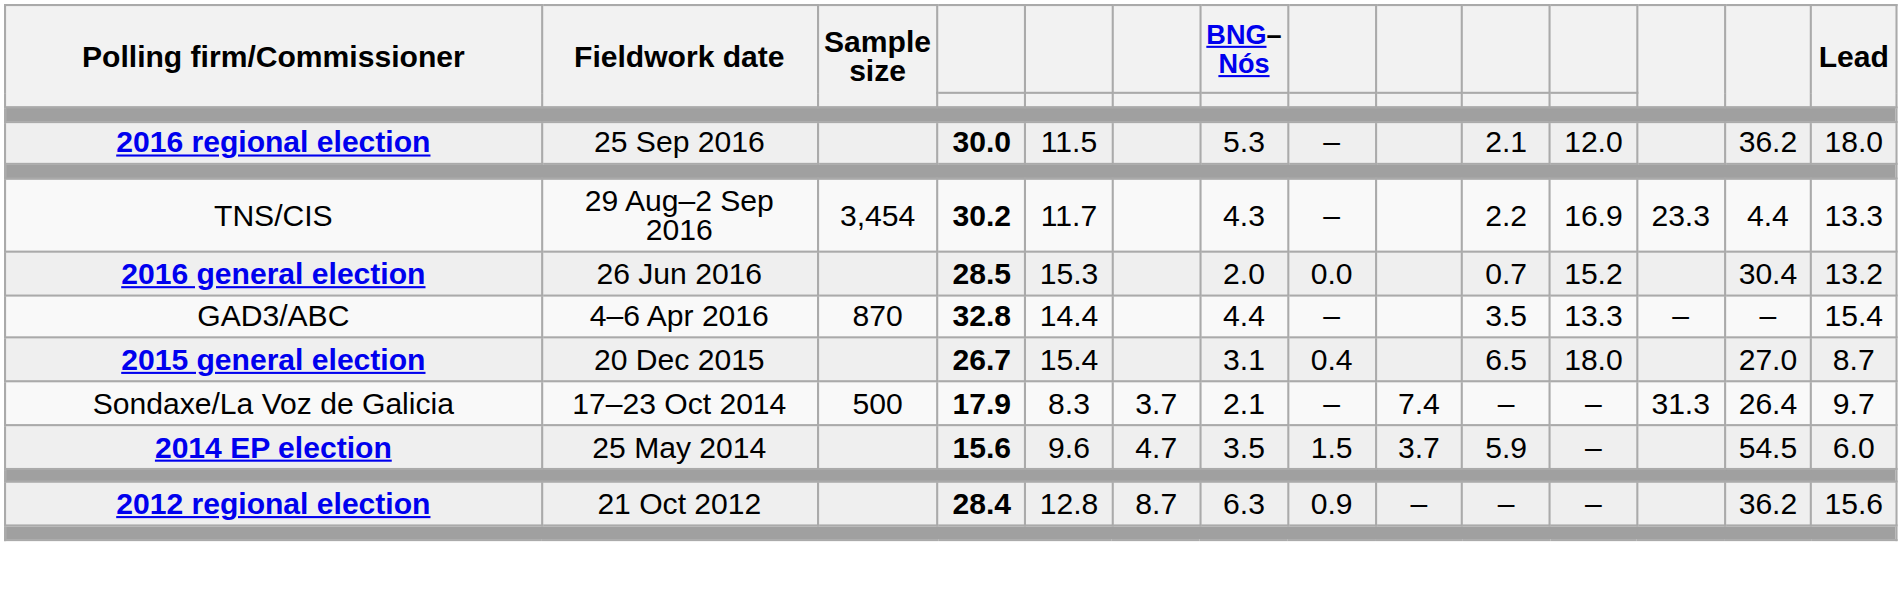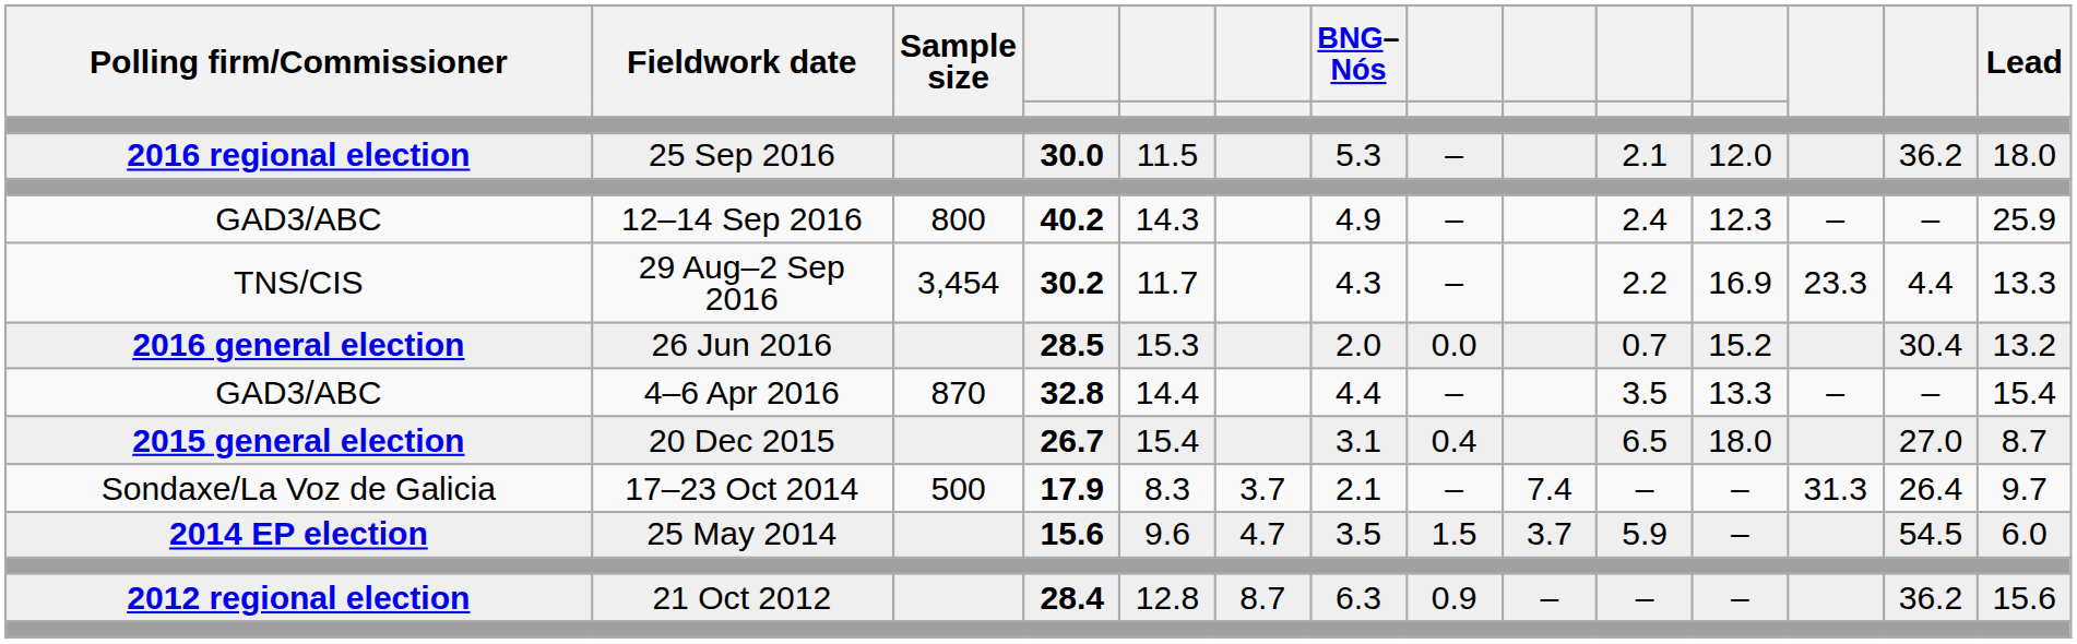 <table class="wikitable collapsible collapsed" style="text-align:center; font-size:90%; line-height:14px;">
 <tr style="height:42px;">
 <th style="width:250px;" rowspan="2">Polling firm/Commissioner</th>
 <th style="width:125px;" rowspan="2">Fieldwork date</th>
 <th style="width:50px;" rowspan="2">Sample size</th>
 <th style="width:35px;"></th>
 <th style="width:35px;"></th>
 <th style="width:35px;"></th>
 <th style="width:35px; font-size:90%;"><a href='#'>BNG</a>–<br><a href='#'>Nós</a></th>
 <th style="width:35px;"></th>
 <th style="width:35px;"></th>
 <th style="width:35px;"></th>
 <th style="width:35px;"></th>
 <th style="width:35px;" rowspan="2"></th>
 <th style="width:35px;" rowspan="2"></th>
 <th style="width:30px;" rowspan="2">Lead</th>
 </tr>
 <tr>
 <th style="color:inherit;background:"></th>
 <th style="color:inherit;background:"></th>
 <th style="color:inherit;background:"></th>
 <th style="color:inherit;background:"></th>
 <th style="color:inherit;background:"></th>
 <th style="color:inherit;background:"></th>
 <th style="color:inherit;background:"></th>
 <th style="color:inherit;background:"></th>
 </tr>
 <tr>
 <td colspan="14" style="background:#A0A0A0"></td>
 </tr>
 <tr style="background:#EFEFEF;">
 <td><strong><a href='#'>2016 regional election</a></strong></td>
 <td>25 Sep 2016</td>
 <td></td>
 <td><strong>30.0</strong></td>
 <td>11.5</td>
 <td></td>
 <td>5.3</td>
 <td>–</td>
 <td></td>
 <td>2.1</td>
 <td>12.0</td>
 <td></td>
 <td>36.2</td>
 <td style="background:">18.0</td>
 </tr>
 <tr>
 <td colspan="14" style="background:#A0A0A0"></td>
+</tr>
+<tr>
+<td>GAD3/ABC</td>
+<td>12–14 Sep 2016</td>
+<td>800</td>
+<td><strong>40.2</strong></td>
+<td>14.3</td>
+<td></td>
+<td>4.9</td>
+<td>–</td>
+<td></td>
+<td>2.4</td>
+<td>12.3</td>
+<td>–</td>
+<td>–</td>
+<td style="background:">25.9</td>
 </tr>
 <tr>
 <td>TNS/CIS</td>
 <td>29 Aug–2 Sep 2016</td>
 <td>3,454</td>
 <td><strong>30.2</strong></td>
 <td>11.7</td>
 <td></td>
 <td>4.3</td>
 <td>–</td>
 <td></td>
 <td>2.2</td>
 <td>16.9</td>
 <td>23.3</td>
 <td>4.4</td>
 <td style="background:">13.3</td>
 </tr>
 <tr style="background:#EFEFEF;">
 <td><strong><a href='#'>2016 general election</a></strong></td>
 <td>26 Jun 2016</td>
 <td></td>
 <td><strong>28.5</strong></td>
 <td>15.3</td>
 <td></td>
 <td>2.0</td>
 <td>0.0</td>
 <td></td>
 <td>0.7</td>
 <td>15.2</td>
 <td></td>
 <td>30.4</td>
 <td style="background:">13.2</td>
 </tr>
 <tr>
 <td>GAD3/ABC</td>
 <td>4–6 Apr 2016</td>
 <td>870</td>
 <td><strong>32.8</strong></td>
 <td>14.4</td>
 <td></td>
 <td>4.4</td>
 <td>–</td>
 <td></td>
 <td>3.5</td>
 <td>13.3</td>
 <td>–</td>
 <td>–</td>
 <td style="background:">15.4</td>
 </tr>
 <tr style="background:#EFEFEF;">
 <td><strong><a href='#'>2015 general election</a></strong></td>
 <td>20 Dec 2015</td>
 <td></td>
 <td><strong>26.7</strong></td>
 <td>15.4</td>
 <td></td>
 <td>3.1</td>
 <td>0.4</td>
 <td></td>
 <td>6.5</td>
 <td>18.0</td>
 <td></td>
 <td>27.0</td>
 <td style="background:">8.7</td>
 </tr>
 <tr>
 <td>Sondaxe/La Voz de Galicia</td>
 <td>17–23 Oct 2014</td>
 <td>500</td>
 <td><strong>17.9</strong></td>
 <td>8.3</td>
 <td>3.7</td>
 <td>2.1</td>
 <td>–</td>
 <td>7.4</td>
 <td>–</td>
 <td>–</td>
 <td>31.3</td>
 <td>26.4</td>
 <td style="background:">9.7</td>
 </tr>
 <tr style="background:#EFEFEF;">
 <td><strong><a href='#'>2014 EP election</a></strong></td>
 <td>25 May 2014</td>
 <td></td>
 <td><strong>15.6</strong></td>
 <td>9.6</td>
 <td>4.7</td>
 <td>3.5</td>
 <td>1.5</td>
 <td>3.7</td>
 <td>5.9</td>
 <td>–</td>
 <td></td>
 <td>54.5</td>
 <td style="background:">6.0</td>
 </tr>
 <tr>
 <td colspan="14" style="background:#A0A0A0"></td>
 </tr>
 <tr style="background:#EFEFEF;">
 <td><strong><a href='#'>2012 regional election</a></strong></td>
 <td>21 Oct 2012</td>
 <td></td>
 <td><strong>28.4</strong></td>
 <td>12.8</td>
 <td>8.7</td>
 <td>6.3</td>
 <td>0.9</td>
 <td>–</td>
 <td>–</td>
 <td>–</td>
 <td></td>
 <td>36.2</td>
 <td style="background:">15.6</td>
 </tr>
 <tr>
 <td colspan="14" style="background:#A0A0A0"></td>
 </tr>
 </table>
